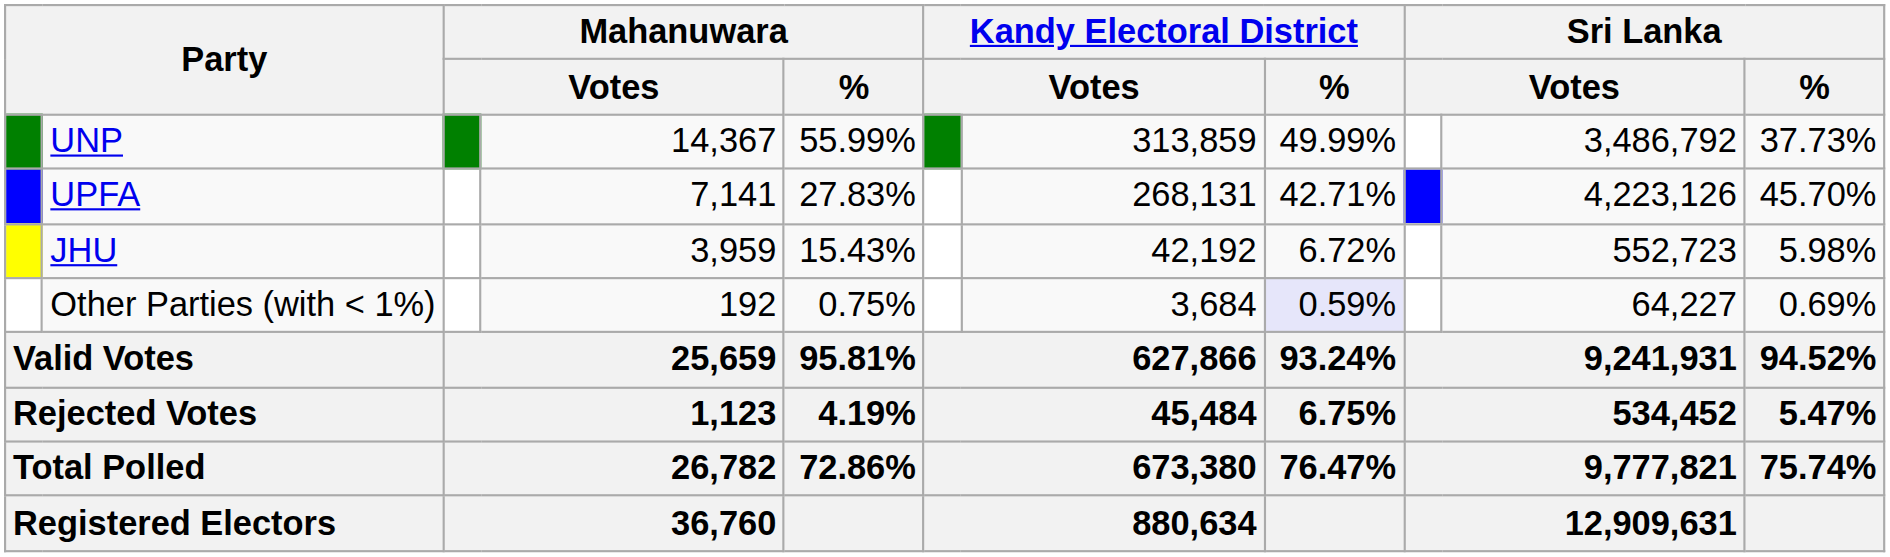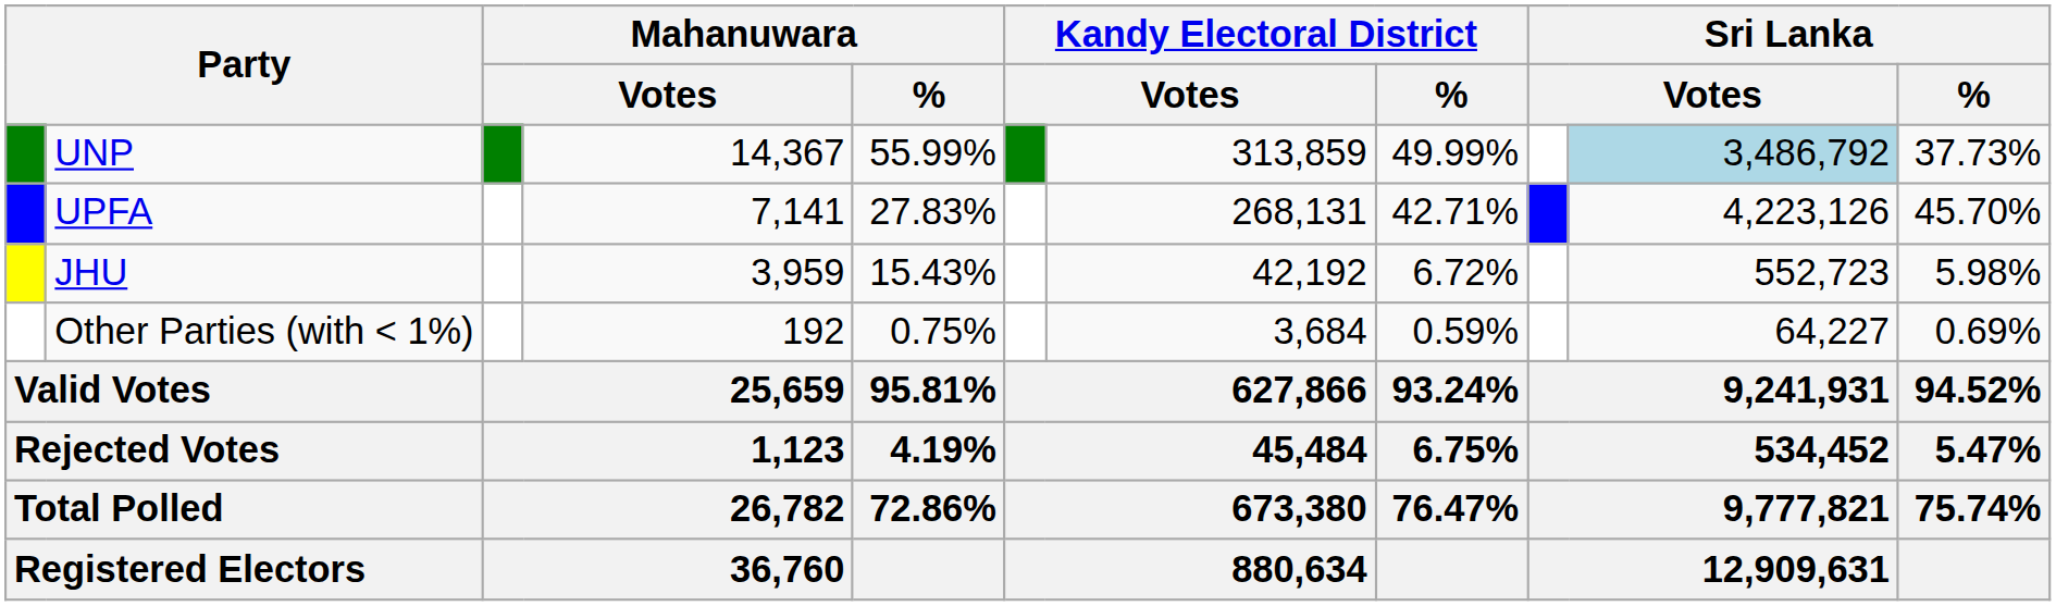 <table class="wikitable">
 <tr>
 <th colspan="2" width="144px"rowspan="2">Party</th>
 <th colspan="3" width="216px">Mahanuwara</th>
 <th colspan="3" width="216px"><a href='#'>Kandy Electoral District</a></th>
 <th colspan="3" width="216px">Sri Lanka</th>
 </tr>
 <tr>
 <th colspan="2" width="144px">Votes</th>
 <th>%</th>
 <th colspan="2" width="144px">Votes</th>
 <th>%</th>
 <th colspan="2" width="144px">Votes</th>
 <th>%</th>
 </tr>
 <tr>
 <td style="background-color:green;" width="10px"></td>
 <td style="text-align:left;"><a href='#'>UNP</a></td>
 <td style="background-color:green;" width="10px"></td>
 <td style="text-align:right;">14,367</td>
 <td style="text-align:right;">55.99%</td>
 <td style="background-color:green;" width="10px"></td>
 <td style="text-align:right;">313,859</td>
 <td style="text-align:right;">49.99%</td>
 <td style="background-color:white;" width="10px"></td>
-<td style="text-align:right;">3,486,792</td>
+<td style="background: lightblue; text-align:right;">3,486,792</td>
 <td style="text-align:right;">37.73%</td>
 </tr>
 <tr>
 <td style="background-color:blue;" width="10px"></td>
 <td style="text-align:left;"><a href='#'>UPFA</a></td>
 <td style="background-color:white;" width="10px"></td>
 <td style="text-align:right;">7,141</td>
 <td style="text-align:right;">27.83%</td>
 <td style="background-color:white;" width="10px"></td>
 <td style="text-align:right;">268,131</td>
 <td style="text-align:right;">42.71%</td>
 <td style="background-color:blue;" width="10px"></td>
 <td style="text-align:right;">4,223,126</td>
 <td style="text-align:right;">45.70%</td>
 </tr>
 <tr>
 <td style="background-color:yellow;" width="10px"></td>
 <td style="text-align:left;"><a href='#'>JHU</a></td>
 <td style="background-color:white;" width="10px"></td>
 <td style="text-align:right;">3,959</td>
 <td style="text-align:right;">15.43%</td>
 <td style="background-color:white;" width="10px"></td>
 <td style="text-align:right;">42,192</td>
 <td style="text-align:right;">6.72%</td>
 <td style="background-color:white;" width="10px"></td>
 <td style="text-align:right;">552,723</td>
 <td style="text-align:right;">5.98%</td>
 </tr>
 <tr>
 <td style="background-color:white;" width="10px"></td>
 <td style="text-align:left;">Other Parties (with < 1%)</td>
 <td style="background-color:white;" width="10px"></td>
 <td style="text-align:right;">192</td>
 <td style="text-align:right;">0.75%</td>
 <td style="background-color:white;" width="10px"></td>
 <td style="text-align:right;">3,684</td>
-<td style="background: lavender; text-align:right;">0.59%</td>
+<td style="text-align:right;">0.59%</td>
 <td style="background-color:white;" width="10px"></td>
 <td style="text-align:right;">64,227</td>
 <td style="text-align:right;">0.69%</td>
 </tr>
 <tr>
 <th colspan="2" width="144px"style="text-align:left;">Valid Votes</th>
 <th style="text-align:right;"colspan="2" width="144px">25,659</th>
 <th style="text-align:right;">95.81%</th>
 <th style="text-align:right;"colspan="2" width="144px">627,866</th>
 <th style="text-align:right;">93.24%</th>
 <th style="text-align:right;"colspan="2" width="144px">9,241,931</th>
 <th style="text-align:right;">94.52%</th>
 </tr>
 <tr>
 <th colspan="2" width="144px"style="text-align:left;">Rejected Votes</th>
 <th style="text-align:right;"colspan="2" width="144px">1,123</th>
 <th style="text-align:right;">4.19%</th>
 <th style="text-align:right;"colspan="2" width="144px">45,484</th>
 <th style="text-align:right;">6.75%</th>
 <th style="text-align:right;"colspan="2" width="144px">534,452</th>
 <th style="text-align:right;">5.47%</th>
 </tr>
 <tr>
 <th colspan="2" width="144px"style="text-align:left;">Total Polled</th>
 <th style="text-align:right;"colspan="2" width="144px">26,782</th>
 <th style="text-align:right;">72.86%</th>
 <th style="text-align:right;"colspan="2" width="144px">673,380</th>
 <th style="text-align:right;">76.47%</th>
 <th style="text-align:right;"colspan="2" width="144px">9,777,821</th>
 <th style="text-align:right;">75.74%</th>
 </tr>
 <tr>
 <th colspan="2" width="144px"style="text-align:left;">Registered Electors</th>
 <th style="text-align:right;"colspan="2" width="144px">36,760</th>
 <th></th>
 <th style="text-align:right;"colspan="2" width="144px">880,634</th>
 <th></th>
 <th style="text-align:right;"colspan="2" width="144px">12,909,631</th>
 <th></th>
 </tr>
 </table>
